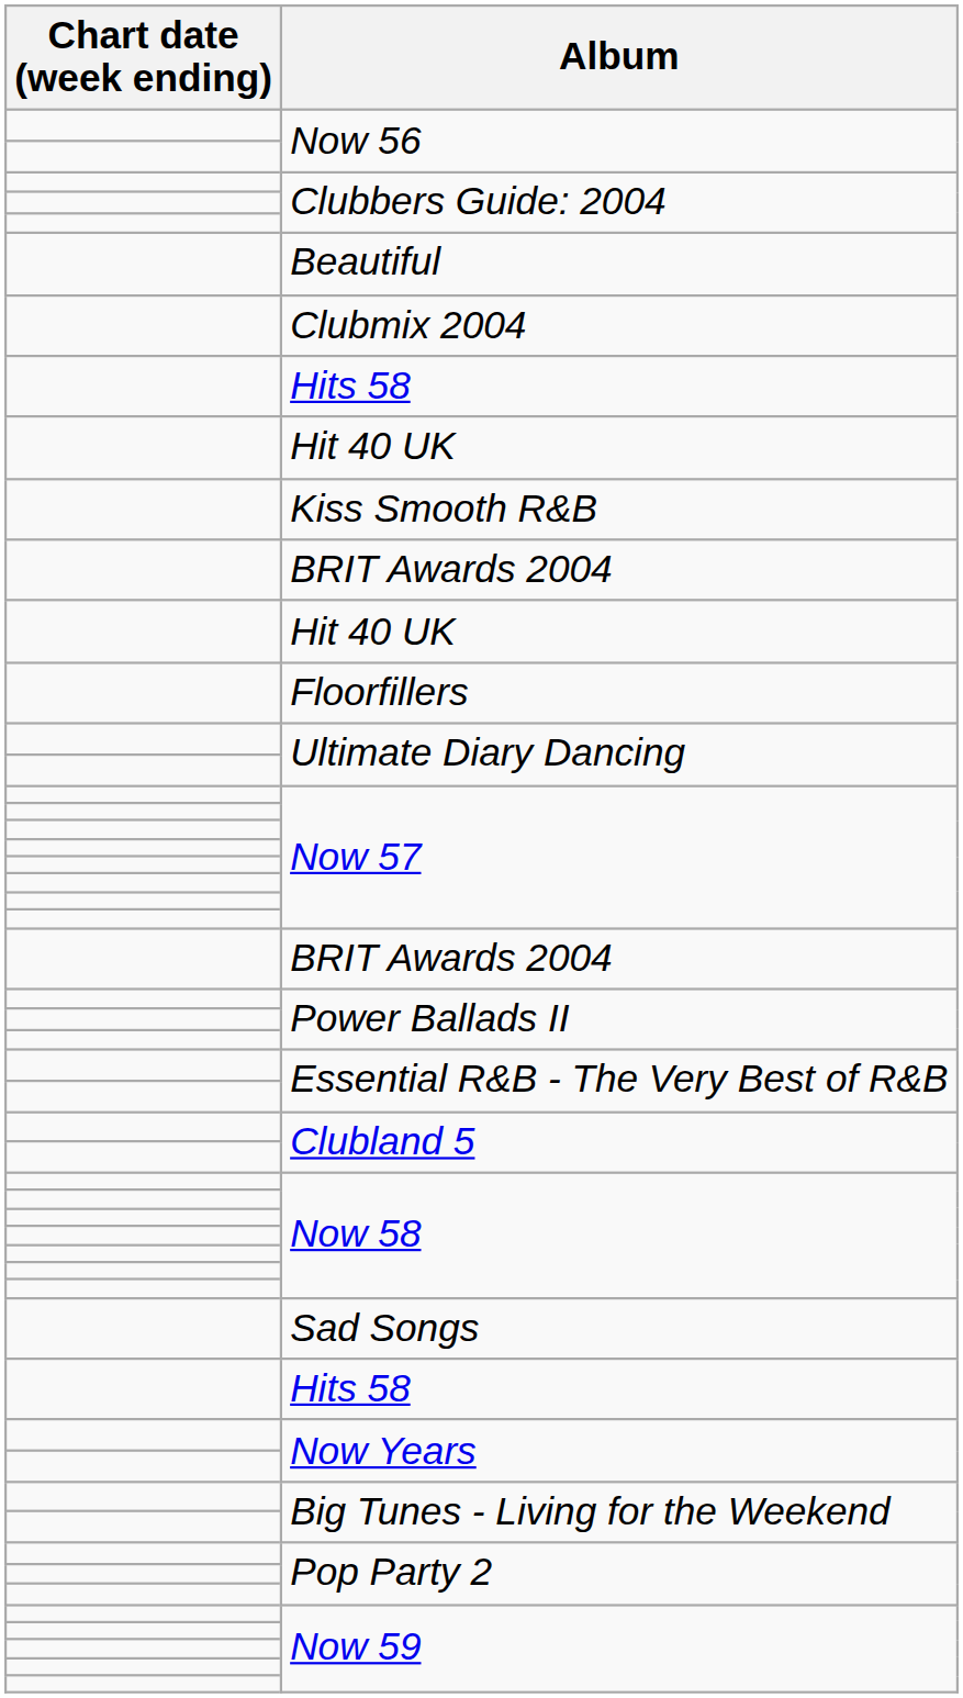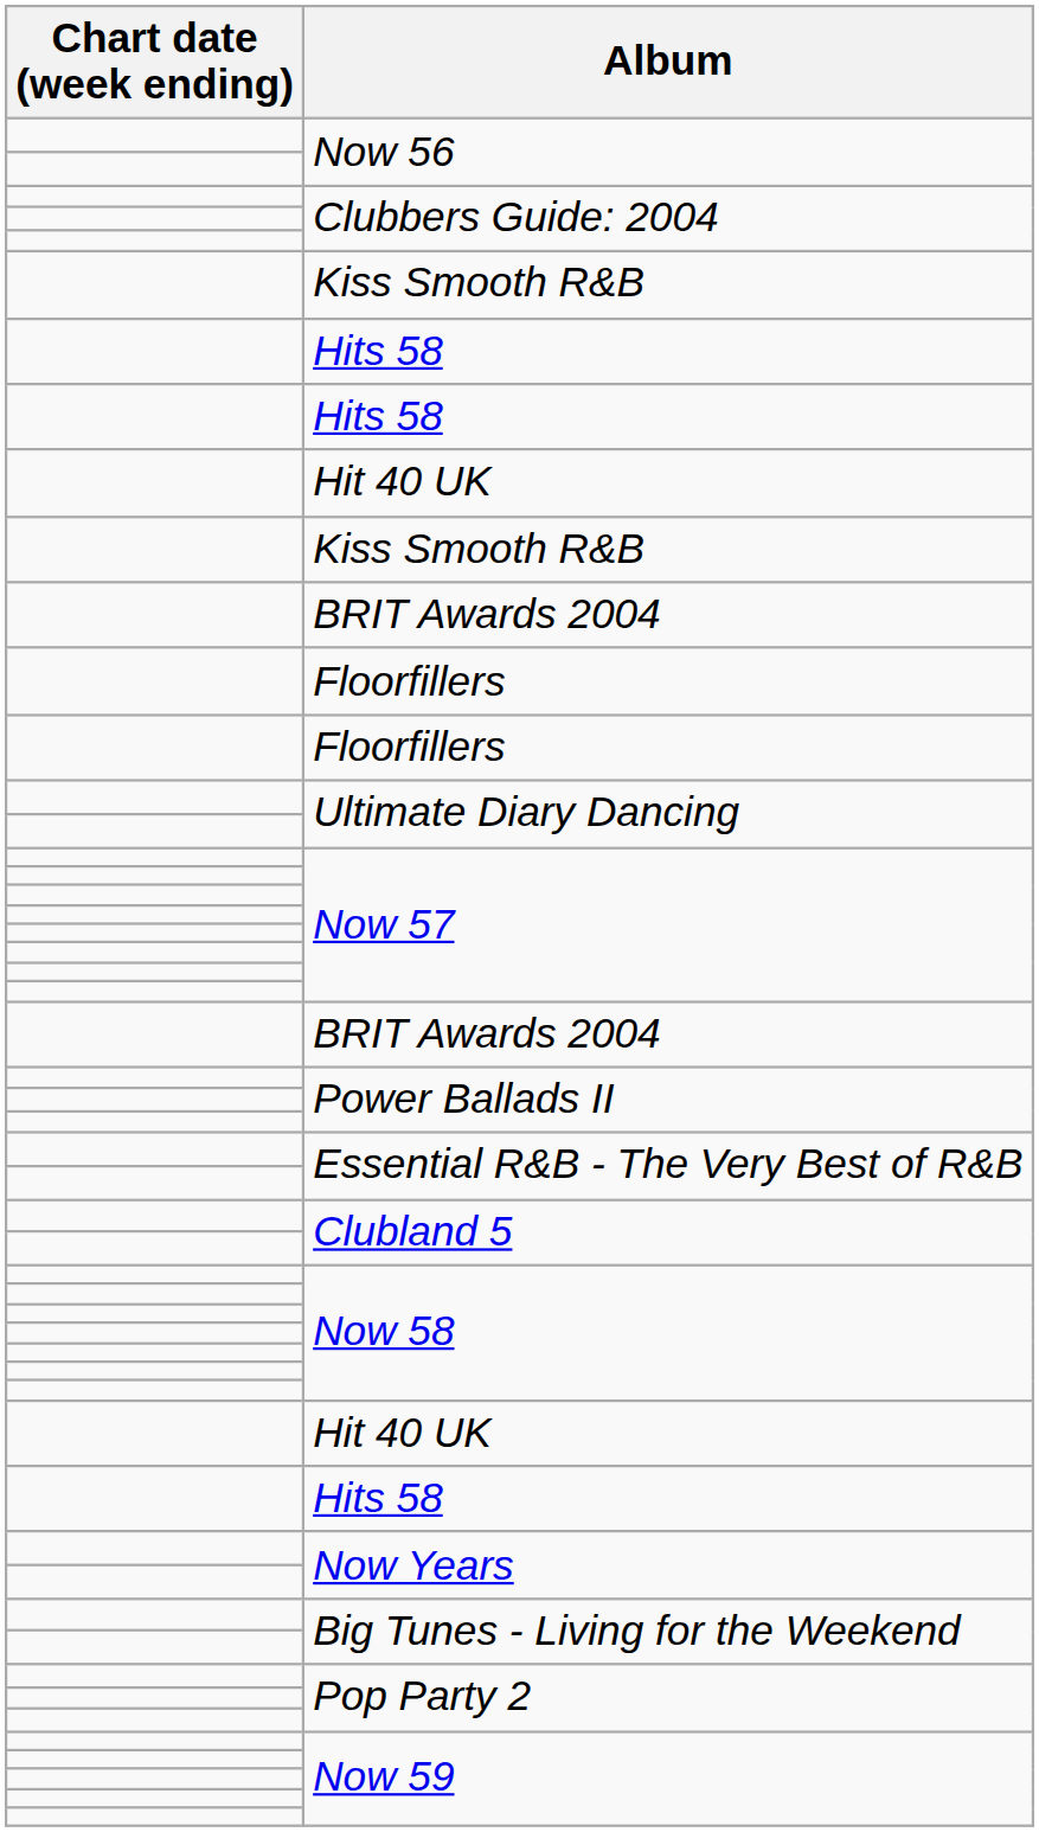 <table class="wikitable plainrowheaders">
 <tr>
 <th style="text-align:center;">Chart date<br>(week ending)</th>
 <th style="text-align:center;">Album</th>
 </tr>
 <tr>
 <td></td>
 <td rowspan="2"><em>Now 56</em></td>
 </tr>
 <tr>
 <td></td>
 </tr>
 <tr>
 <td></td>
 <td rowspan="3"><em>Clubbers Guide: 2004</em></td>
 </tr>
 <tr>
 <td></td>
 </tr>
 <tr>
 <td></td>
 </tr>
 <tr>
 <td></td>
-<td><em>Beautiful</em></td>
+<td><em>Kiss Smooth R&B</em></td>
 </tr>
 <tr>
 <td></td>
-<td><em>Clubmix 2004</em></td>
+<td><em><a href='#'>Hits 58</a></em></td>
 </tr>
 <tr>
 <td></td>
 <td><em><a href='#'>Hits 58</a></em></td>
 </tr>
 <tr>
 <td></td>
 <td><em>Hit 40 UK</em></td>
 </tr>
 <tr>
 <td></td>
 <td><em>Kiss Smooth R&B</em></td>
 </tr>
 <tr>
 <td></td>
 <td><em>BRIT Awards 2004</em></td>
 </tr>
 <tr>
 <td></td>
-<td><em>Hit 40 UK</em></td>
+<td><em>Floorfillers</em></td>
 </tr>
 <tr>
 <td></td>
 <td><em>Floorfillers</em></td>
 </tr>
 <tr>
 <td></td>
 <td rowspan="2"><em>Ultimate Diary Dancing</em></td>
 </tr>
 <tr>
 <td></td>
 </tr>
 <tr>
 <td></td>
 <td rowspan="8"><em><a href='#'>Now 57</a></em></td>
 </tr>
 <tr>
 <td></td>
 </tr>
 <tr>
 <td></td>
 </tr>
 <tr>
 <td></td>
 </tr>
 <tr>
 <td></td>
 </tr>
 <tr>
 <td></td>
 </tr>
 <tr>
 <td></td>
 </tr>
 <tr>
 <td></td>
 </tr>
 <tr>
 <td></td>
 <td><em>BRIT Awards 2004</em></td>
 </tr>
 <tr>
 <td></td>
 <td rowspan="3"><em>Power Ballads II</em></td>
 </tr>
 <tr>
 <td></td>
 </tr>
 <tr>
 <td></td>
 </tr>
 <tr>
 <td></td>
 <td rowspan="2"><em>Essential R&B - The Very Best of R&B</em></td>
 </tr>
 <tr>
 <td></td>
 </tr>
 <tr>
 <td></td>
 <td rowspan="2"><em><a href='#'>Clubland 5</a></em></td>
 </tr>
 <tr>
 <td></td>
 </tr>
 <tr>
 <td></td>
 <td rowspan="7"><em><a href='#'>Now 58</a></em></td>
 </tr>
 <tr>
 <td></td>
 </tr>
 <tr>
 <td></td>
 </tr>
 <tr>
 <td></td>
 </tr>
 <tr>
 <td></td>
 </tr>
 <tr>
 <td></td>
 </tr>
 <tr>
 <td></td>
 </tr>
 <tr>
 <td></td>
-<td><em>Sad Songs</em></td>
+<td><em>Hit 40 UK</em></td>
 </tr>
 <tr>
 <td></td>
 <td><em><a href='#'>Hits 58</a></em></td>
 </tr>
 <tr>
 <td></td>
 <td rowspan="2"><em><a href='#'>Now Years</a></em></td>
 </tr>
 <tr>
 <td></td>
 </tr>
 <tr>
 <td></td>
 <td rowspan="2"><em>Big Tunes - Living for the Weekend</em></td>
 </tr>
 <tr>
 <td></td>
 </tr>
 <tr>
 <td></td>
 <td rowspan="3"><em>Pop Party 2</em></td>
 </tr>
 <tr>
 <td></td>
 </tr>
 <tr>
 <td></td>
 </tr>
 <tr>
 <td></td>
 <td rowspan="5"><em><a href='#'>Now 59</a></em></td>
 </tr>
 <tr>
 <td></td>
 </tr>
 <tr>
 <td></td>
 </tr>
 <tr>
 <td></td>
 </tr>
 <tr>
 <td></td>
 </tr>
 </table>
